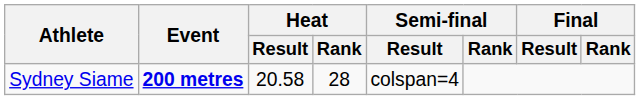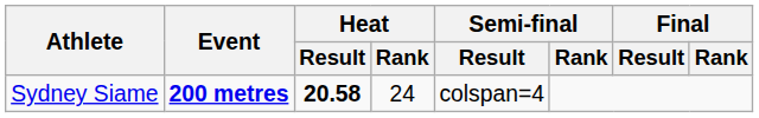 <table class="wikitable" style="font-size:90%">
 <tr>
 <th rowspan="2">Athlete</th>
 <th rowspan="2">Event</th>
 <th colspan="2">Heat</th>
 <th colspan="2">Semi-final</th>
 <th colspan="2">Final</th>
 </tr>
 <tr style="font-size:95%">
 <th>Result</th>
 <th>Rank</th>
 <th>Result</th>
 <th>Rank</th>
 <th>Result</th>
 <th>Rank</th>
 </tr>
 <tr style=text-align:center>
 <td style=text-align:left><a href='#'>Sydney Siame</a></td>
 <td style=text-align:left><strong><a href='#'>200 metres</a></strong></td>
-<td>20.58</td>
-<td>28</td>
+<td><strong>20.58</strong></td>
+<td>24</td>
 <td>colspan=4 </td>
 </tr>
 </table>
